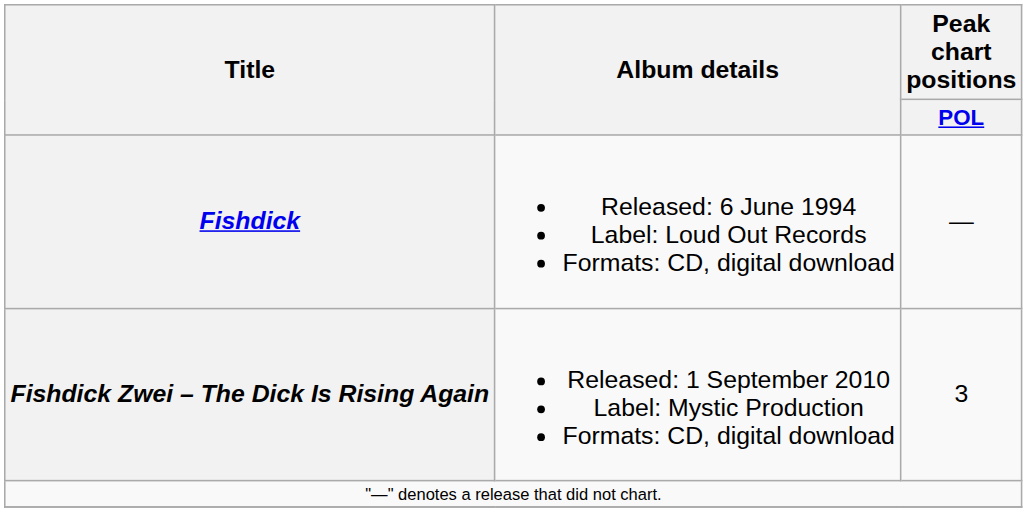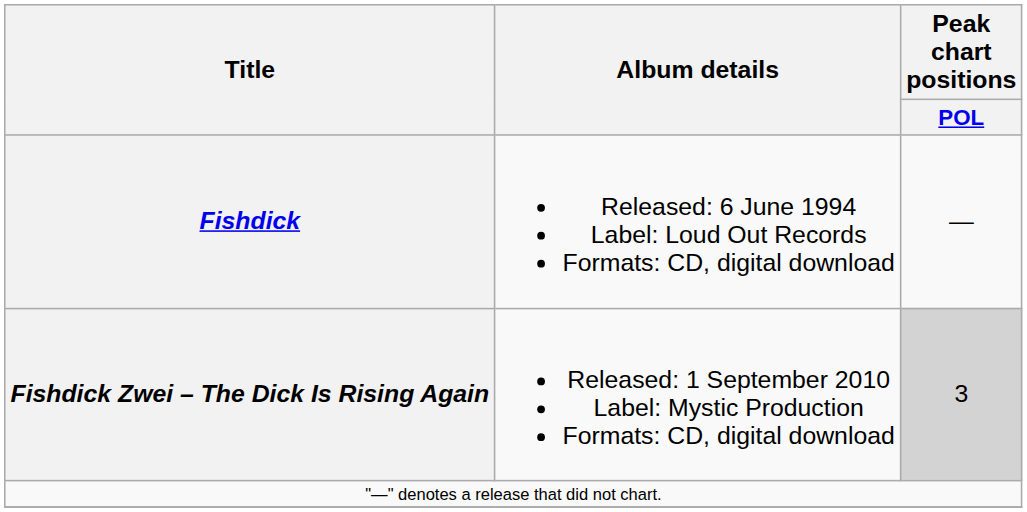 <table class="wikitable plainrowheaders" style="text-align:center;">
 <tr>
 <th scope="col" rowspan="2">Title</th>
 <th scope="col" rowspan="2">Album details</th>
 <th scope="col" colspan="1">Peak chart positions</th>
 </tr>
 <tr>
 <th scope="col" style="width:3em;font-size:90%;"><a href='#'>POL</a><br></th>
 </tr>
 <tr>
 <th scope="row"><em><a href='#'>Fishdick</a></em></th>
 <td><br><ul><li>Released: 6 June 1994</li><li>Label: Loud Out Records</li><li>Formats: CD, digital download</li></ul></td>
 <td align="center">—</td>
 </tr>
 <tr>
 <th scope="row"><em>Fishdick Zwei – The Dick Is Rising Again</em></th>
 <td><br><ul><li>Released: 1 September 2010</li><li>Label: Mystic Production</li><li>Formats: CD, digital download</li></ul></td>
-<td align="center">3</td>
+<td align="center" style="background: lightgrey;">3</td>
 </tr>
 <tr>
 <td align="center" colspan="20" style="font-size: 8pt">"—" denotes a release that did not chart.</td>
 </tr>
 <tr>
 </tr>
 </table>
